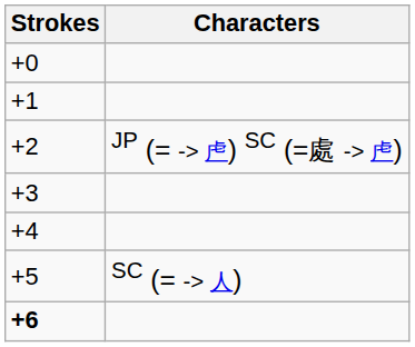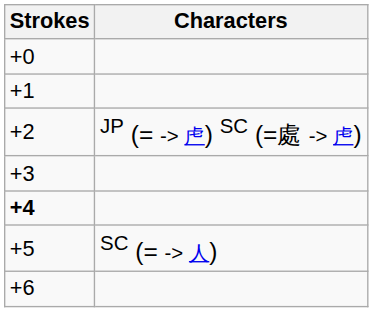 <table class="wikitable">
 <tr>
 <th>Strokes</th>
 <th>Characters</th>
 </tr>
 <tr --->
 <td>+0</td>
 <td style="font-size: large;"></td>
 </tr>
 <tr --->
 <td>+1</td>
 <td style="font-size: large;"></td>
 </tr>
 <tr --->
 <td>+2</td>
 <td style="font-size: large;"><sup>JP</sup> (= <small>-> <a href='#'>虍</a></small>) <sup>SC</sup> (=處 <small>-> <a href='#'>虍</a></small>)</td>
 </tr>
 <tr --->
 <td>+3</td>
 <td style="font-size: large;"></td>
 </tr>
 <tr --->
-<td>+4</td>
+<td><strong>+4</strong></td>
 <td style="font-size: large;"></td>
 </tr>
 <tr --->
 <td>+5</td>
 <td style="font-size: large;"><sup>SC</sup> (= <small>-> <a href='#'>人</a></small>)</td>
 </tr>
 <tr --->
-<td><strong>+6</strong></td>
+<td>+6</td>
 <td style="font-size: large;"></td>
 </tr>
 </table>
